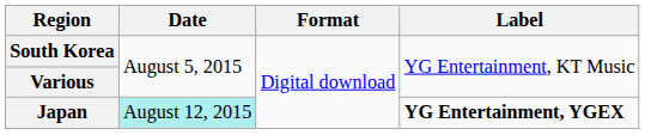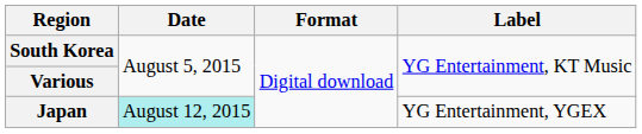 <table class="wikitable plainrowheaders">
 <tr>
 <th scope="col">Region</th>
 <th scope="col">Date</th>
 <th scope="col">Format</th>
 <th scope="col">Label</th>
 </tr>
 <tr>
 <th scope="row">South Korea</th>
 <td rowspan=2>August 5, 2015</td>
 <td rowspan=3><a href='#'>Digital download</a></td>
 <td rowspan=2><a href='#'>YG Entertainment</a>, KT Music</td>
 </tr>
 <tr>
 <th scope="row">Various</th>
 </tr>
 <tr>
 <th scope="row">Japan</th>
 <td style="background: paleturquoise;">August 12, 2015</td>
-<td><strong>YG Entertainment, YGEX</strong></td>
+<td>YG Entertainment, YGEX</td>
 </tr>
 </table>
